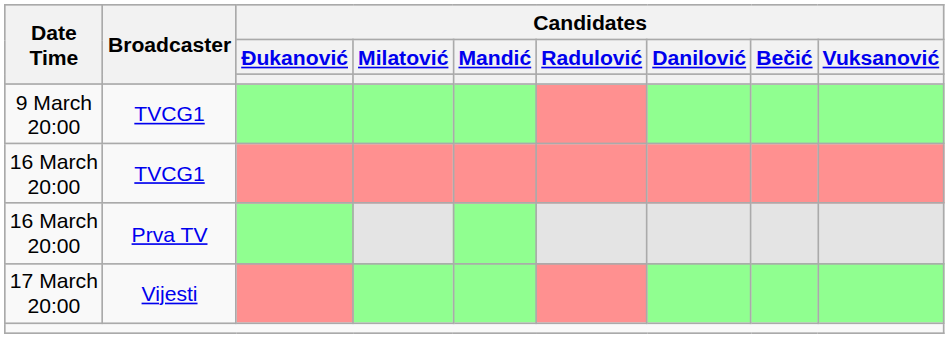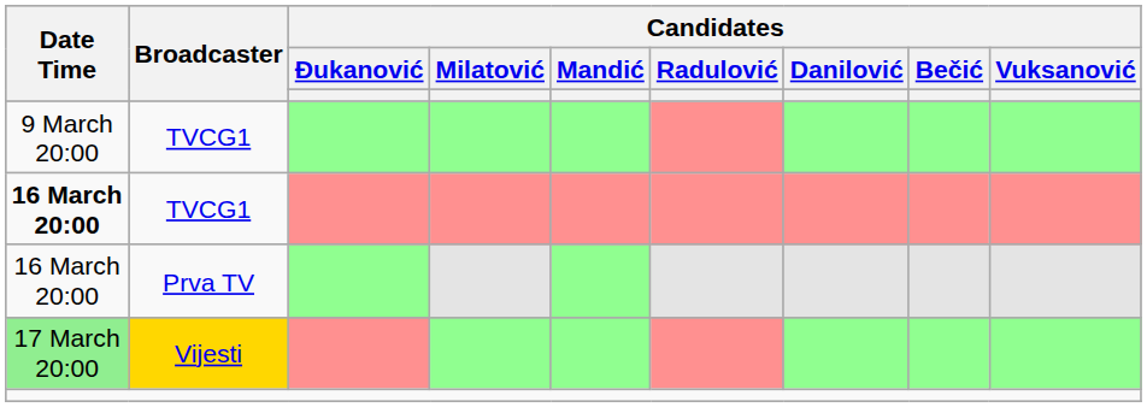 <table class="wikitable" style="text-align: center;font-size:80%;">
 <tr>
 <th rowspan="3">Date<br>Time</th>
 <th rowspan="3">Broadcaster</th>
 <th colspan="19">Candidates</th>
 </tr>
 <tr>
 <th style="width:2em;"><a href='#'>Đukanović</a></th>
 <th style="width:2em;"><a href='#'>Milatović</a></th>
 <th style="width:2em;"><a href='#'>Mandić</a></th>
 <th style="width:2em;"><a href='#'>Radulović</a></th>
 <th style="width:2em;"><a href='#'>Danilović</a></th>
 <th style="width:2em;"><a href='#'>Bečić</a></th>
 <th style="width:2em;"><a href='#'>Vuksanović</a></th>
 </tr>
 <tr>
 <th style="color:inherit;background:"></th>
 <th style="color:inherit;background:"></th>
 <th style="color:inherit;background:"></th>
 <th style="color:inherit;background:"></th>
 <th style="color:inherit;background:"></th>
 <th style="color:inherit;background:"></th>
 <th style="color:inherit;background:"></th>
 </tr>
 <tr>
 <td>9 March<br>20:00</td>
 <td><a href='#'>TVCG1</a></td>
 <td style="background:#90FF90;"></td>
 <td style="background:#90FF90;"></td>
 <td style="background:#90FF90;"></td>
 <td style="background:#FF9090;"></td>
 <td style="background:#90FF90;"></td>
 <td style="background:#90FF90;"></td>
 <td style="background:#90FF90;"></td>
 </tr>
 <tr>
-<td><span>16 March<br>20:00</span></td>
+<td><strong><span>16 March<br>20:00</span></strong></td>
 <td><span><a href='#'>TVCG1</a></span><br></td>
 <td style="background:#FF9090;"></td>
 <td style="background:#FF9090;"></td>
 <td style="background:#FF9090;"></td>
 <td style="background:#FF9090;"></td>
 <td style="background:#FF9090;"></td>
 <td style="background:#FF9090;"></td>
 <td style="background:#FF9090;"></td>
 </tr>
 <tr>
 <td>16 March<br>20:00</td>
 <td><a href='#'>Prva TV</a></td>
 <td style="background:#90FF90;"></td>
 <td style="background:#E4E4E4;"></td>
 <td style="background:#90FF90;"></td>
 <td style="background:#E4E4E4;"></td>
 <td style="background:#E4E4E4;"></td>
 <td style="background:#E4E4E4;"></td>
 <td style="background:#E4E4E4;"></td>
 </tr>
 <tr>
-<td>17 March<br>20:00</td>
-<td><a href='#'>Vijesti</a></td>
+<td style="background: lightgreen;">17 March<br>20:00</td>
+<td style="background: gold;"><a href='#'>Vijesti</a></td>
 <td style="background:#FF9090;"></td>
 <td style="background:#90FF90;"></td>
 <td style="background:#90FF90;"></td>
 <td style="background:#FF9090;"></td>
 <td style="background:#90FF90;"></td>
 <td style="background:#90FF90;"></td>
 <td style="background:#90FF90;"></td>
 </tr>
 <tr>
 <td colspan="22">      </td>
 </tr>
 </table>
